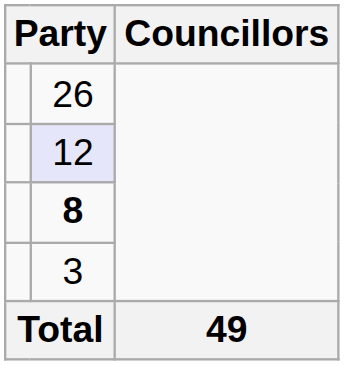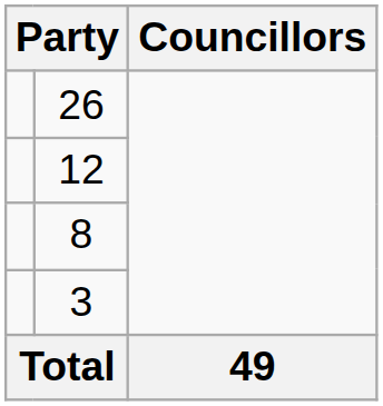 <table class="wikitable">
 <tr>
 <th colspan=2>Party</th>
 <th>Councillors</th>
 </tr>
 <tr>
 <td></td>
 <td align=center>26</td>
 </tr>
 <tr>
 <td></td>
-<td align=center style="background: lavender;">12</td>
+<td align=center>12</td>
 </tr>
 <tr>
 <td></td>
-<td align=center><strong>8</strong></td>
+<td align=center>8</td>
 </tr>
 <tr>
 <td></td>
 <td align=center>3</td>
 </tr>
 <tr>
 <th colspan=2>Total</th>
 <th align=center>49</th>
 </tr>
 </table>
